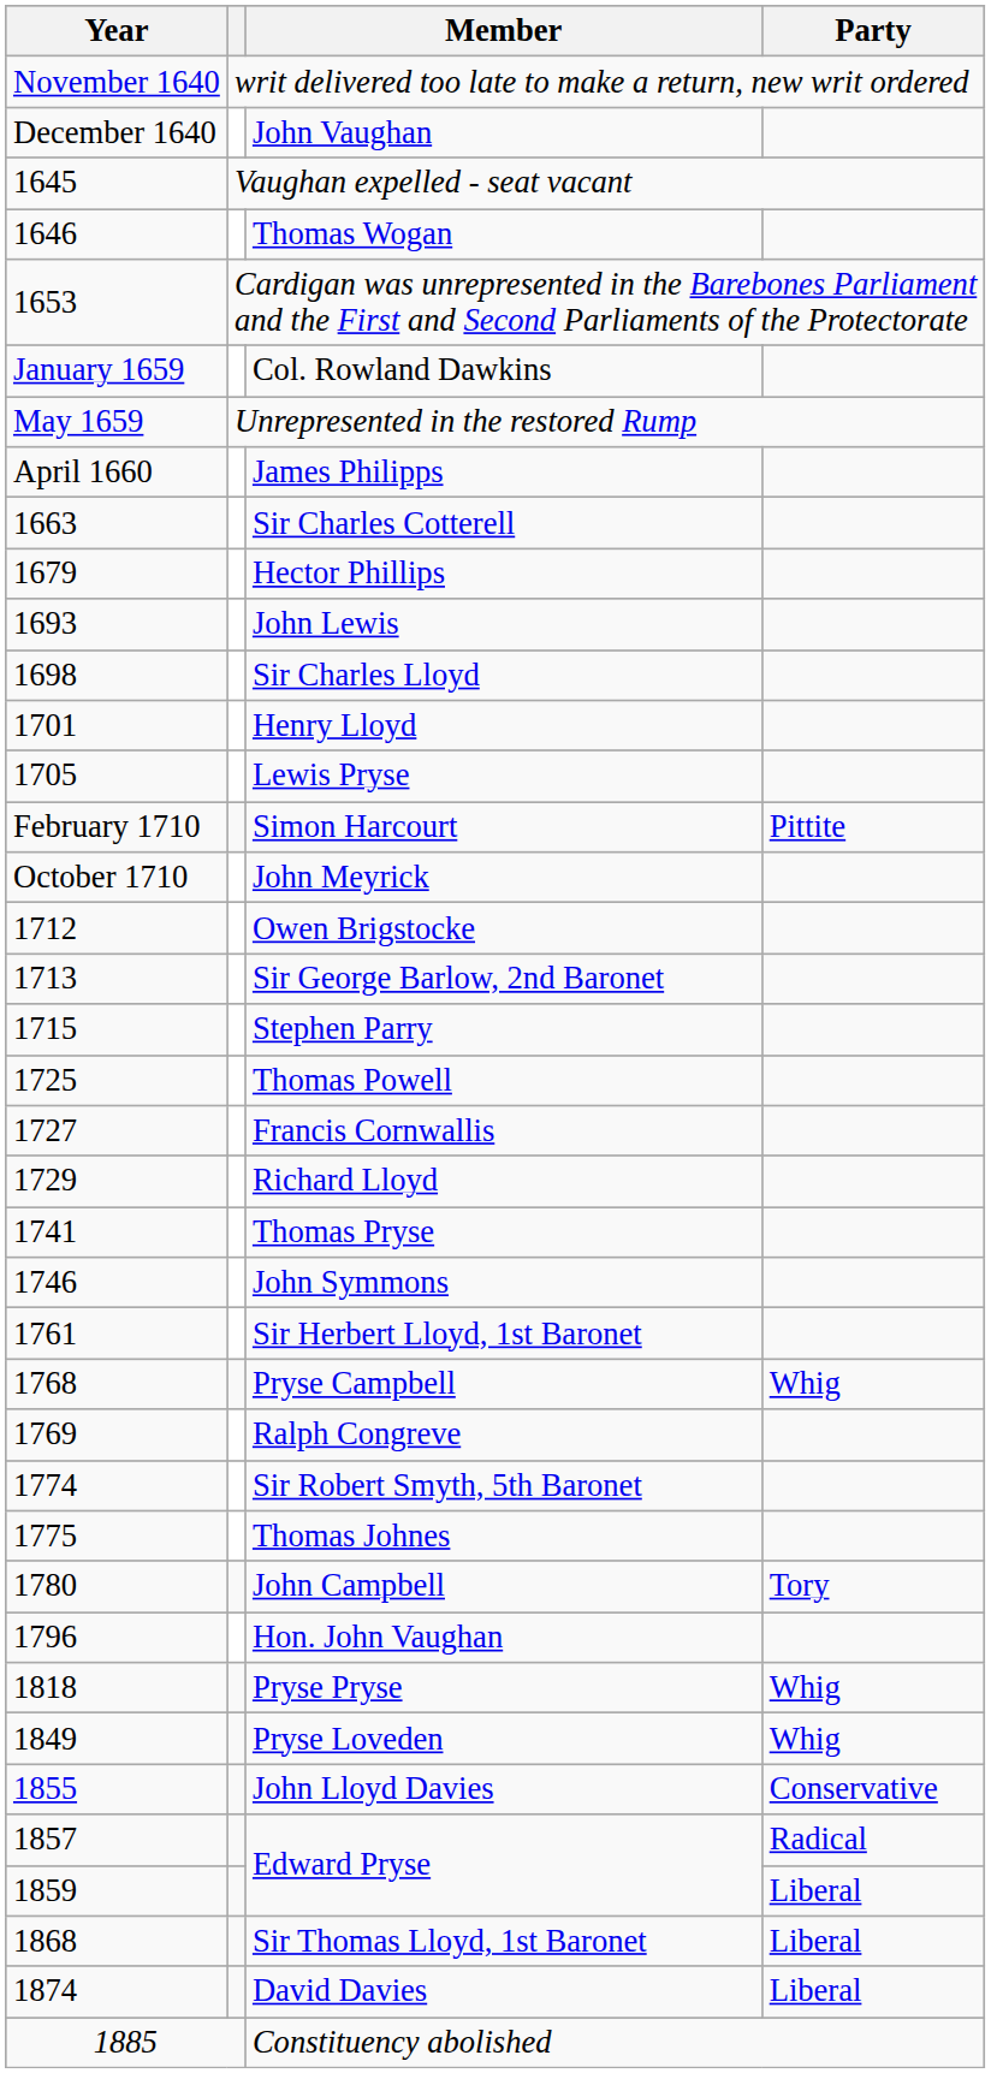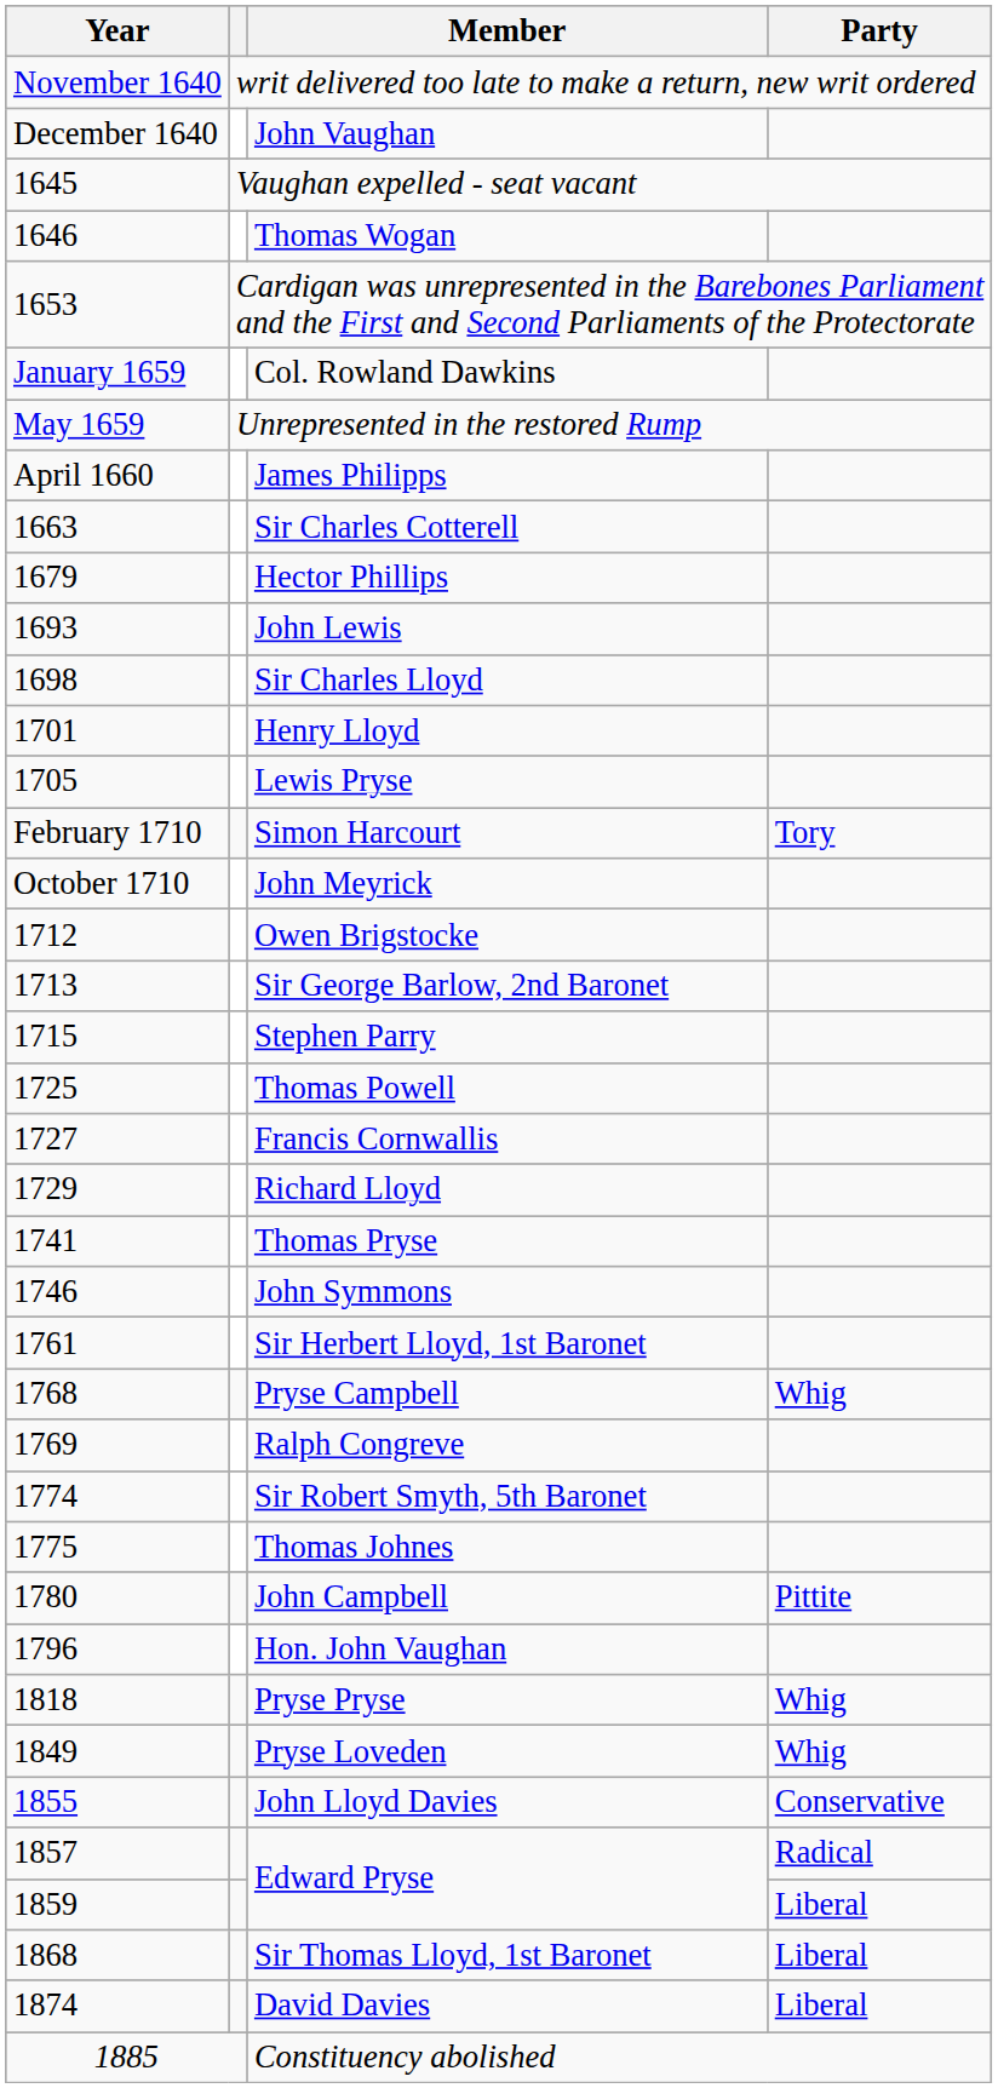 <table class="wikitable">
 <tr>
 <th>Year</th>
 <th></th>
 <th>Member</th>
 <th>Party</th>
 </tr>
 <tr>
 <td><a href='#'>November 1640</a></td>
 <td colspan=3><em>writ delivered too late to make a return, new writ ordered</em></td>
 </tr>
 <tr>
 <td>December 1640</td>
 <td style="color:inherit;background-color: white"></td>
 <td><a href='#'>John Vaughan</a></td>
 <td></td>
 </tr>
 <tr>
 <td>1645</td>
 <td colspan="3"><em>Vaughan expelled - seat vacant</em></td>
 </tr>
 <tr>
 <td>1646</td>
 <td style="color:inherit;background-color: white"></td>
 <td><a href='#'>Thomas Wogan</a></td>
 <td></td>
 </tr>
 <tr>
 <td>1653</td>
 <td colspan="3"><em>Cardigan was unrepresented in the <a href='#'>Barebones Parliament</a><br>and the <a href='#'>First</a> and <a href='#'>Second</a> Parliaments of the Protectorate</em></td>
 </tr>
 <tr>
 <td><a href='#'>January 1659</a></td>
 <td style="color:inherit;background-color: white"></td>
 <td>Col. Rowland Dawkins</td>
 <td></td>
 </tr>
 <tr>
 <td><a href='#'>May 1659</a></td>
 <td colspan="3"><em>Unrepresented in the restored <a href='#'>Rump</a></em></td>
 </tr>
 <tr>
 <td>April 1660</td>
 <td style="color:inherit;background-color: white"></td>
 <td><a href='#'>James Philipps</a></td>
 <td></td>
 </tr>
 <tr>
 <td>1663</td>
 <td style="color:inherit;background-color: white"></td>
 <td><a href='#'>Sir Charles Cotterell</a></td>
 <td></td>
 </tr>
 <tr>
 <td>1679</td>
 <td style="color:inherit;background-color: white"></td>
 <td><a href='#'>Hector Phillips</a></td>
 <td></td>
 </tr>
 <tr>
 <td>1693</td>
 <td style="color:inherit;background-color: white"></td>
 <td><a href='#'>John Lewis</a></td>
 <td></td>
 </tr>
 <tr>
 <td>1698</td>
 <td style="color:inherit;background-color: white"></td>
 <td><a href='#'>Sir Charles Lloyd</a></td>
 <td></td>
 </tr>
 <tr>
 <td>1701</td>
 <td style="color:inherit;background-color: white"></td>
 <td><a href='#'>Henry Lloyd</a></td>
 <td></td>
 </tr>
 <tr>
 <td>1705</td>
 <td style="color:inherit;background-color: white"></td>
 <td><a href='#'>Lewis Pryse</a></td>
 <td></td>
 </tr>
 <tr>
 <td>February 1710</td>
 <td style="color:inherit;background-color: "></td>
 <td><a href='#'>Simon Harcourt</a></td>
-<td><a href='#'>Pittite</a></td>
+<td><a href='#'>Tory</a></td>
 </tr>
 <tr>
 <td>October 1710</td>
 <td style="color:inherit;background-color: white"></td>
 <td><a href='#'>John Meyrick</a></td>
 <td></td>
 </tr>
 <tr>
 <td>1712</td>
 <td style="color:inherit;background-color: white"></td>
 <td><a href='#'>Owen Brigstocke</a></td>
 <td></td>
 </tr>
 <tr>
 <td>1713</td>
 <td style="color:inherit;background-color: white"></td>
 <td><a href='#'>Sir George Barlow, 2nd Baronet</a></td>
 <td></td>
 </tr>
 <tr>
 <td>1715</td>
 <td style="color:inherit;background-color: white"></td>
 <td><a href='#'>Stephen Parry</a></td>
 <td></td>
 </tr>
 <tr>
 <td>1725</td>
 <td style="color:inherit;background-color: white"></td>
 <td><a href='#'>Thomas Powell</a></td>
 <td></td>
 </tr>
 <tr>
 <td>1727</td>
 <td style="color:inherit;background-color: white"></td>
 <td><a href='#'>Francis Cornwallis</a></td>
 <td></td>
 </tr>
 <tr>
 <td>1729</td>
 <td style="color:inherit;background-color: white"></td>
 <td><a href='#'>Richard Lloyd</a></td>
 <td></td>
 </tr>
 <tr>
 <td>1741</td>
 <td style="color:inherit;background-color: white"></td>
 <td><a href='#'>Thomas Pryse</a></td>
 <td></td>
 </tr>
 <tr>
 <td>1746</td>
 <td style="color:inherit;background-color: white"></td>
 <td><a href='#'>John Symmons</a></td>
 <td></td>
 </tr>
 <tr>
 <td>1761</td>
 <td style="color:inherit;background-color: white"></td>
 <td><a href='#'>Sir Herbert Lloyd, 1st Baronet</a></td>
 <td></td>
 </tr>
 <tr>
 <td>1768</td>
 <td style="color:inherit;background-color: "></td>
 <td><a href='#'>Pryse Campbell</a></td>
 <td><a href='#'>Whig</a></td>
 </tr>
 <tr>
 <td>1769</td>
 <td style="color:inherit;background-color: white"></td>
 <td><a href='#'>Ralph Congreve</a></td>
 <td></td>
 </tr>
 <tr>
 <td>1774</td>
 <td style="color:inherit;background-color: white"></td>
 <td><a href='#'>Sir Robert Smyth, 5th Baronet</a></td>
 <td></td>
 </tr>
 <tr>
 <td>1775</td>
 <td style="color:inherit;background-color: white"></td>
 <td><a href='#'>Thomas Johnes</a></td>
 <td></td>
 </tr>
 <tr>
 <td>1780</td>
 <td style="color:inherit;background-color: "></td>
 <td><a href='#'>John Campbell</a></td>
-<td><a href='#'>Tory</a></td>
+<td><a href='#'>Pittite</a></td>
 </tr>
 <tr>
 <td>1796</td>
 <td style="color:inherit;background-color: white"></td>
 <td><a href='#'>Hon. John Vaughan</a></td>
 <td></td>
 </tr>
 <tr>
 <td>1818</td>
 <td style="color:inherit;background-color: "></td>
 <td><a href='#'>Pryse Pryse</a></td>
 <td><a href='#'>Whig</a></td>
 </tr>
 <tr>
 <td>1849</td>
 <td style="color:inherit;background-color: "></td>
 <td><a href='#'>Pryse Loveden</a></td>
 <td><a href='#'>Whig</a></td>
 </tr>
 <tr>
 <td><a href='#'>1855</a></td>
 <td style="color:inherit;background-color: "></td>
 <td><a href='#'>John Lloyd Davies</a></td>
 <td><a href='#'>Conservative</a></td>
 </tr>
 <tr>
 <td>1857</td>
 <td style="color:inherit;background-color: "></td>
 <td rowspan="2"><a href='#'>Edward Pryse</a></td>
 <td><a href='#'>Radical</a></td>
 </tr>
 <tr>
 <td>1859</td>
 <td style="color:inherit;background-color: "></td>
 <td><a href='#'>Liberal</a></td>
 </tr>
 <tr>
 <td>1868</td>
 <td style="color:inherit;background-color: "></td>
 <td><a href='#'>Sir Thomas Lloyd, 1st Baronet</a></td>
 <td><a href='#'>Liberal</a></td>
 </tr>
 <tr>
 <td>1874</td>
 <td style="color:inherit;background-color: "></td>
 <td><a href='#'>David Davies</a></td>
 <td><a href='#'>Liberal</a></td>
 </tr>
 <tr>
 <td colspan="2" align="center"><em>1885</em></td>
 <td colspan="3"><em>Constituency abolished</em></td>
 </tr>
 </table>
